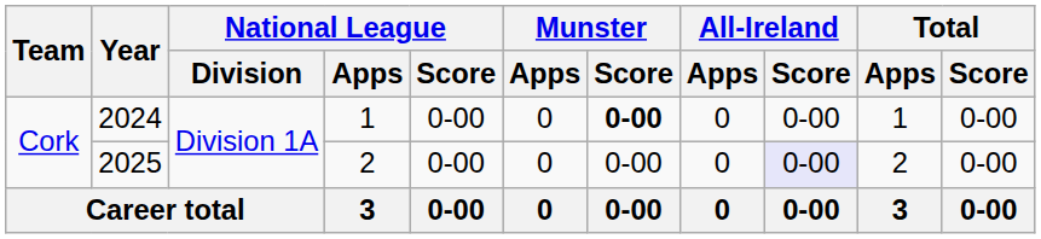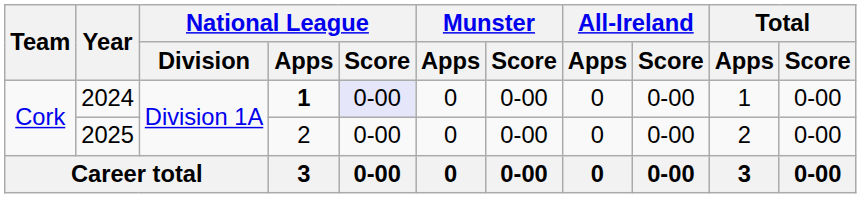 <table class="wikitable" style="text-align:center">
 <tr>
 <th rowspan="2">Team</th>
 <th rowspan="2">Year</th>
 <th colspan="3"><a href='#'>National League</a></th>
 <th colspan="2"><a href='#'>Munster</a></th>
 <th colspan="2"><a href='#'>All-Ireland</a></th>
 <th colspan="2">Total</th>
 </tr>
 <tr>
 <th>Division</th>
 <th>Apps</th>
 <th>Score</th>
 <th>Apps</th>
 <th>Score</th>
 <th>Apps</th>
 <th>Score</th>
 <th>Apps</th>
 <th>Score</th>
 </tr>
 <tr>
 <td rowspan="2"><a href='#'>Cork</a></td>
 <td>2024</td>
 <td rowspan="2"><a href='#'>Division 1A</a></td>
-<td>1</td>
+<td><strong>1</strong></td>
+<td style="background: lavender;">0-00</td>
+<td>0</td>
 <td>0-00</td>
-<td>0</td>
-<td><strong>0-00</strong></td>
 <td>0</td>
 <td>0-00</td>
 <td>1</td>
 <td>0-00</td>
 </tr>
 <tr>
 <td>2025</td>
 <td>2</td>
 <td>0-00</td>
 <td>0</td>
 <td>0-00</td>
 <td>0</td>
-<td style="background: lavender;">0-00</td>
+<td>0-00</td>
 <td>2</td>
 <td>0-00</td>
 </tr>
 <tr>
 <th colspan="3">Career total</th>
 <th>3</th>
 <th>0-00</th>
 <th>0</th>
 <th>0-00</th>
 <th>0</th>
 <th>0-00</th>
 <th>3</th>
 <th>0-00</th>
 </tr>
 </table>
